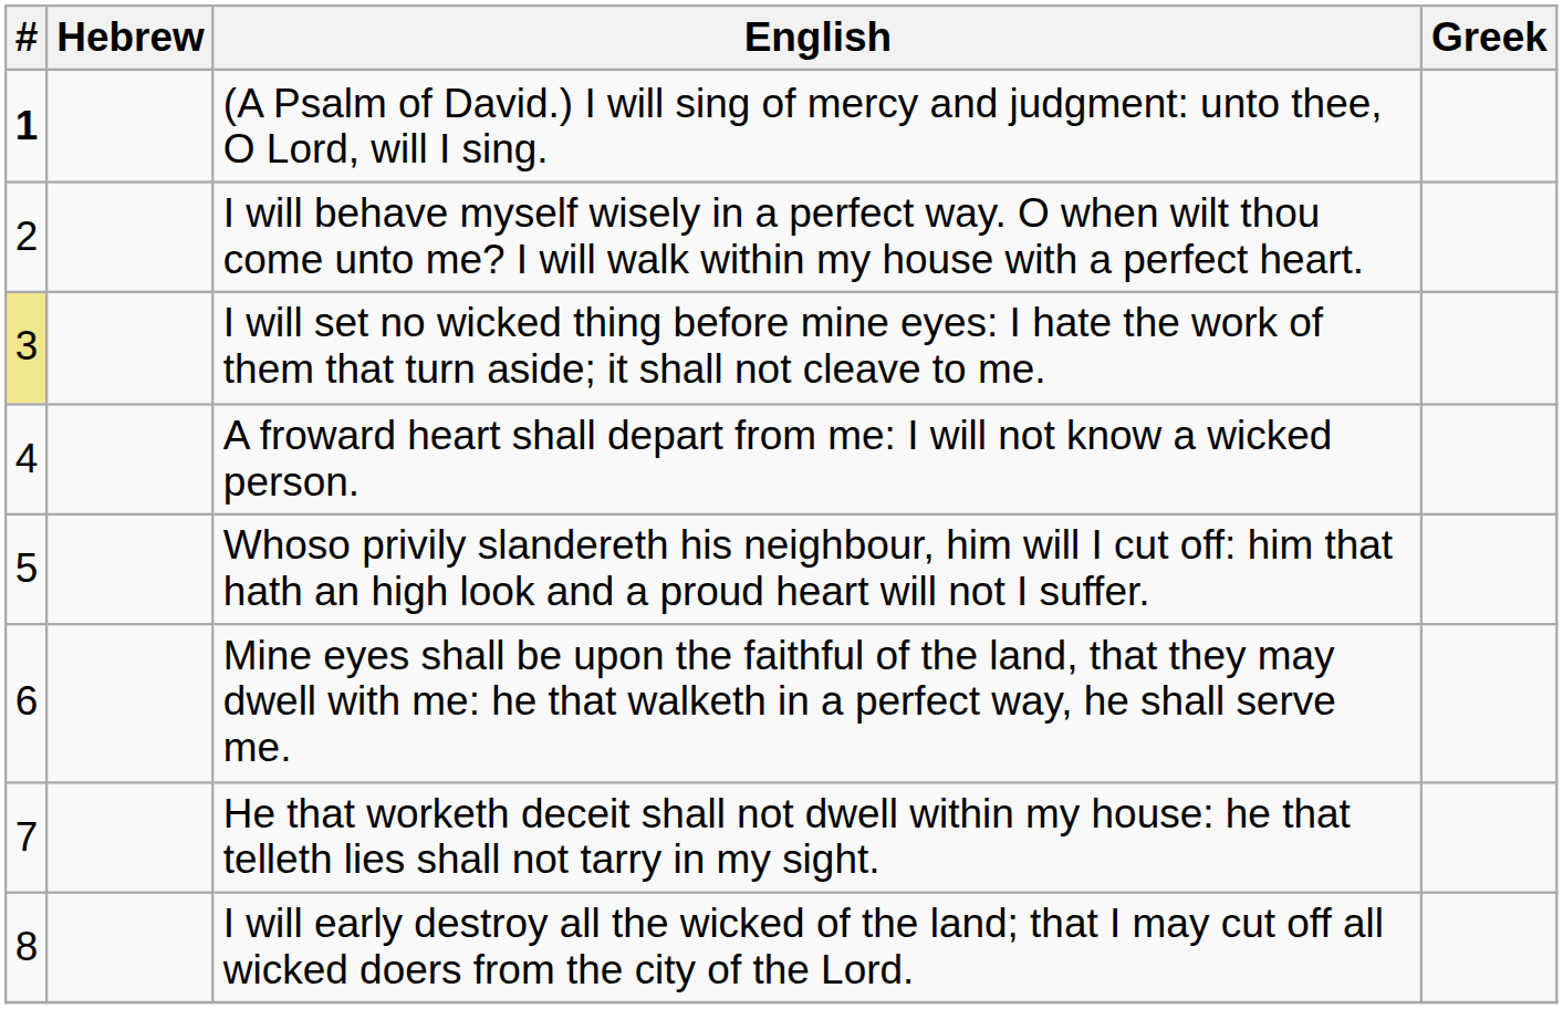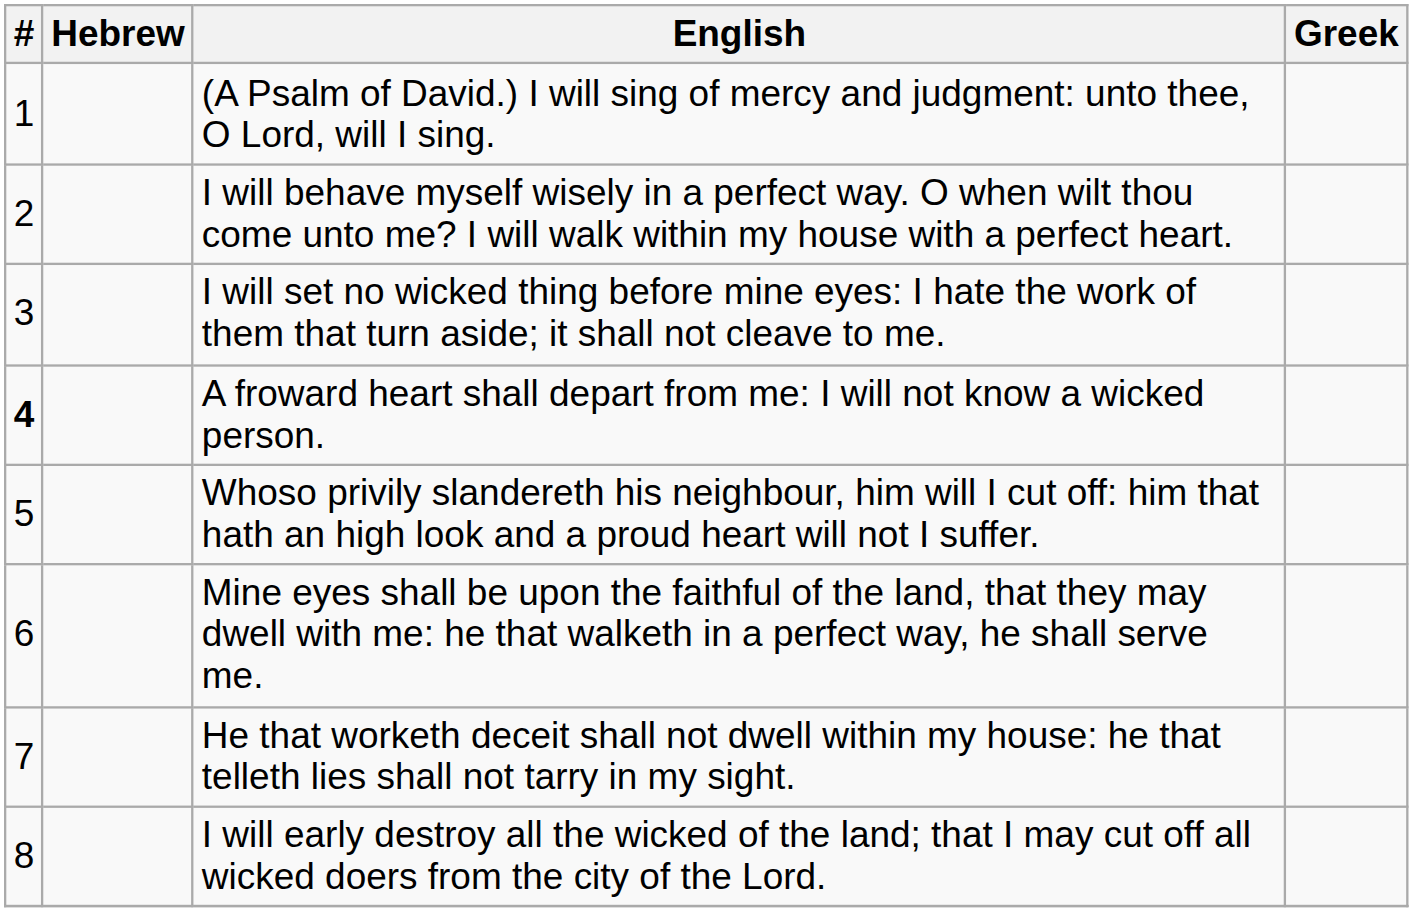 <table class=wikitable>
 <tr>
 <th>#</th>
 <th>Hebrew</th>
 <th>English</th>
 <th>Greek</th>
 </tr>
 <tr>
-<td style="text-align:right"><strong>1</strong></td>
+<td style="text-align:right">1</td>
 <td style="text-align:right"></td>
 <td>(A Psalm of David.) I will sing of mercy and judgment: unto thee, O Lord, will I sing.</td>
 <td></td>
 </tr>
 <tr>
 <td style="text-align:right">2</td>
 <td style="text-align:right"></td>
 <td>I will behave myself wisely in a perfect way. O when wilt thou come unto me? I will walk within my house with a perfect heart.</td>
 <td></td>
 </tr>
 <tr>
-<td style="background: khaki; text-align:right">3</td>
+<td style="text-align:right">3</td>
 <td style="text-align:right"></td>
 <td>I will set no wicked thing before mine eyes: I hate the work of them that turn aside; it shall not cleave to me.</td>
 <td></td>
 </tr>
 <tr>
-<td style="text-align:right">4</td>
+<td style="text-align:right"><strong>4</strong></td>
 <td style="text-align:right"></td>
 <td>A froward heart shall depart from me: I will not know a wicked person.</td>
 <td></td>
 </tr>
 <tr>
 <td style="text-align:right">5</td>
 <td style="text-align:right"></td>
 <td>Whoso privily slandereth his neighbour, him will I cut off: him that hath an high look and a proud heart will not I suffer.</td>
 <td></td>
 </tr>
 <tr>
 <td style="text-align:right">6</td>
 <td style="text-align:right"></td>
 <td>Mine eyes shall be upon the faithful of the land, that they may dwell with me: he that walketh in a perfect way, he shall serve me.</td>
 <td></td>
 </tr>
 <tr>
 <td style="text-align:right">7</td>
 <td style="text-align:right"></td>
 <td>He that worketh deceit shall not dwell within my house: he that telleth lies shall not tarry in my sight.</td>
 <td></td>
 </tr>
 <tr>
 <td style="text-align:right">8</td>
 <td style="text-align:right"></td>
 <td>I will early destroy all the wicked of the land; that I may cut off all wicked doers from the city of the Lord.</td>
 <td></td>
 </tr>
 <tr>
 </tr>
 </table>
